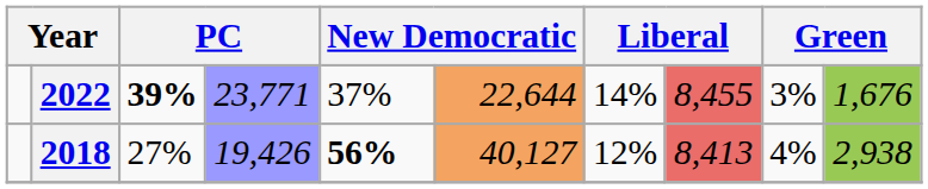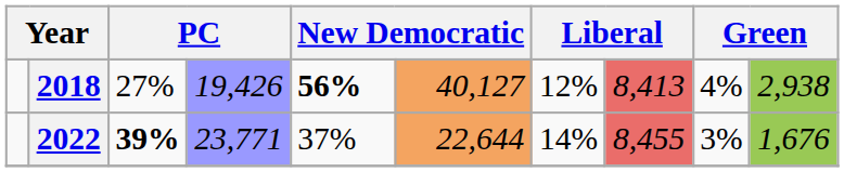 <table class="wikitable" style="float:right; width:400; font-size:90%; margin-left:1em;">
 <tr>
 <th colspan="2" scope="col">Year</th>
 <th colspan="2" scope="col"><a href='#'>PC</a></th>
 <th colspan="2" scope="col"><a href='#'>New Democratic</a></th>
 <th colspan="2" scope="col"><a href='#'>Liberal</a></th>
 <th colspan="2" scope="col"><a href='#'>Green</a></th>
+</tr>
+<tr>
+<td style="width: 0.25em; background-color: "></td>
+<th><a href='#'>2018</a></th>
+<td>27%</td>
+<td style="text-align:right; background:#9999FF;"><em>19,426</em></td>
+<td><strong>56%</strong></td>
+<td style="text-align:right; background:#F4A460;"><em>40,127</em></td>
+<td>12%</td>
+<td style="text-align:right; background:#EA6D6A;"><em>8,413</em></td>
+<td>4%</td>
+<td style="text-align:right; background:#99C955;"><em>2,938</em></td>
 </tr>
 <tr>
 <td style="width: 0.25em; background-color: "></td>
 <th><a href='#'>2022</a></th>
 <td><strong>39%</strong></td>
 <td style="text-align:right; background:#9999FF;"><em>23,771</em></td>
 <td>37%</td>
 <td style="text-align:right; background:#F4A460;"><em>22,644</em></td>
 <td>14%</td>
 <td style="text-align:right; background:#EA6D6A;"><em>8,455</em></td>
 <td>3%</td>
 <td style="text-align:right; background:#99C955;"><em>1,676</em></td>
 </tr>
 <tr>
-<td style="width: 0.25em; background-color: "></td>
-<th><a href='#'>2018</a></th>
-<td>27%</td>
-<td style="text-align:right; background:#9999FF;"><em>19,426</em></td>
-<td><strong>56%</strong></td>
-<td style="text-align:right; background:#F4A460;"><em>40,127</em></td>
-<td>12%</td>
-<td style="text-align:right; background:#EA6D6A;"><em>8,413</em></td>
-<td>4%</td>
-<td style="text-align:right; background:#99C955;"><em>2,938</em></td>
-</tr>
-<tr>
 </tr>
 </table>
